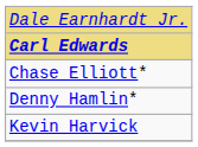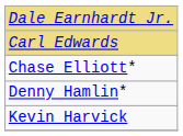 <table class="wikitable" style="float:left;">
 <tr>
 <td style="background:#eedd82"><em><a href='#'>Dale Earnhardt Jr.</a></em></td>
 </tr>
 <tr>
-<td style="background:#eedd82"><strong><em><a href='#'>Carl Edwards</a></em></strong></td>
+<td style="background:#eedd82"><em><a href='#'>Carl Edwards</a></em></td>
 </tr>
 <tr>
 <td><a href='#'>Chase Elliott</a>*</td>
 </tr>
 <tr>
 <td><a href='#'>Denny Hamlin</a>*</td>
 </tr>
 <tr>
 <td><a href='#'>Kevin Harvick</a></td>
 </tr>
 <tr>
 </tr>
 </table>
